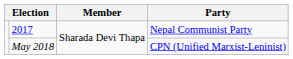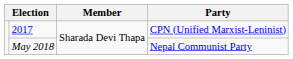 <table class="wikitable">
 <tr>
 <th colspan="2">Election</th>
 <th>Member</th>
 <th>Party</th>
 </tr>
 <tr>
 <td rowspan="2" style="background-color:"></td>
 <td><a href='#'>2017</a></td>
 <td rowspan="2">Sharada Devi Thapa</td>
-<td><a href='#'>Nepal Communist Party</a></td>
+<td><a href='#'>CPN (Unified Marxist-Leninist)</a></td>
 </tr>
 <tr>
 <td><em>May 2018</em></td>
-<td><a href='#'>CPN (Unified Marxist-Leninist)</a></td>
+<td><a href='#'>Nepal Communist Party</a></td>
 </tr>
 </table>
